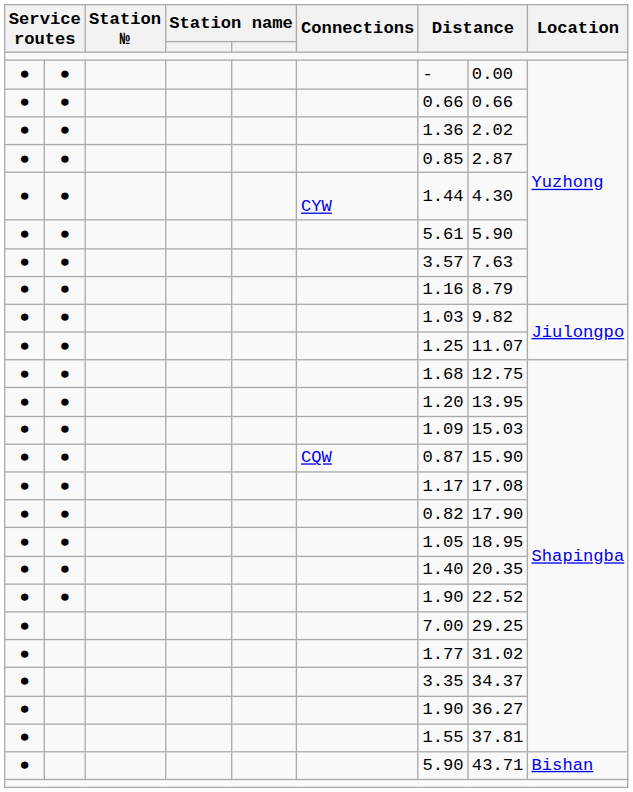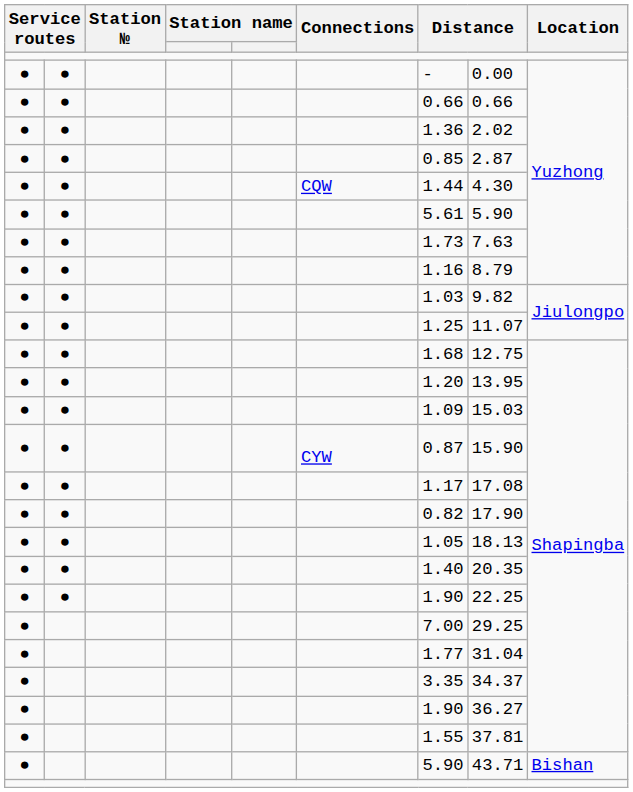 <table class="wikitable">
 <tr>
 <th rowspan="2" colspan="2">Service<br>routes</th>
 <th rowspan="2">Station<br>№</th>
 <th colspan="2">Station name</th>
 <th rowspan="2">Connections</th>
 <th colspan="2" rowspan="2">Distance<br></th>
 <th rowspan="2">Location</th>
 </tr>
 <tr>
 <th></th>
 <th></th>
 </tr>
 <tr style="background:#">
 <td colspan = "9"></td>
 </tr>
 <tr>
 <td align="center">●</td>
 <td align="center">●</td>
 <td></td>
 <td></td>
 <td></td>
 <td></td>
 <td>-</td>
 <td>0.00</td>
 <td rowspan="8"><a href='#'>Yuzhong</a></td>
 </tr>
 <tr>
 <td align="center">●</td>
 <td align="center">●</td>
 <td></td>
 <td></td>
 <td></td>
 <td> </td>
 <td>0.66</td>
 <td>0.66</td>
 </tr>
 <tr>
 <td align="center">●</td>
 <td align="center">●</td>
 <td></td>
 <td></td>
 <td></td>
 <td></td>
 <td>1.36</td>
 <td>2.02</td>
 </tr>
 <tr>
 <td align="center">●</td>
 <td align="center">●</td>
 <td></td>
 <td></td>
 <td></td>
 <td> </td>
 <td>0.85</td>
 <td>2.87</td>
 </tr>
 <tr>
 <td align="center">●</td>
 <td align="center">●</td>
 <td></td>
 <td></td>
 <td></td>
-<td>   <br> <a href='#'>CYW</a></td>
+<td>  <a href='#'>CQW</a></td>
 <td>1.44</td>
 <td>4.30</td>
 </tr>
 <tr>
 <td align="center">●</td>
 <td align="center">●</td>
 <td></td>
 <td></td>
 <td></td>
 <td></td>
 <td>5.61</td>
 <td>5.90</td>
 </tr>
 <tr>
 <td align="center">●</td>
 <td align="center">●</td>
 <td></td>
 <td></td>
 <td></td>
 <td></td>
-<td>3.57</td>
+<td>1.73</td>
 <td>7.63</td>
 </tr>
 <tr>
 <td align="center">●</td>
 <td align="center">●</td>
 <td></td>
 <td></td>
 <td></td>
 <td></td>
 <td>1.16</td>
 <td>8.79</td>
 </tr>
 <tr>
 <td align="center">●</td>
 <td align="center">●</td>
 <td></td>
 <td></td>
 <td></td>
 <td> </td>
 <td>1.03</td>
 <td>9.82</td>
 <td rowspan="2"><a href='#'>Jiulongpo</a></td>
 </tr>
 <tr>
 <td align="center">●</td>
 <td align="center">●</td>
 <td></td>
 <td></td>
 <td></td>
 <td> </td>
 <td>1.25</td>
 <td>11.07</td>
 </tr>
 <tr>
 <td align="center">●</td>
 <td align="center">●</td>
 <td></td>
 <td></td>
 <td></td>
 <td></td>
 <td>1.68</td>
 <td>12.75</td>
 <td rowspan="14"><a href='#'>Shapingba</a></td>
 </tr>
 <tr>
 <td align="center">●</td>
 <td align="center">●</td>
 <td></td>
 <td></td>
 <td></td>
 <td></td>
 <td>1.20</td>
 <td>13.95</td>
 </tr>
 <tr>
 <td align="center">●</td>
 <td align="center">●</td>
 <td></td>
 <td></td>
 <td></td>
 <td></td>
 <td>1.09</td>
 <td>15.03</td>
 </tr>
 <tr>
 <td align="center">●</td>
 <td align="center">●</td>
 <td></td>
 <td></td>
 <td></td>
-<td>  <a href='#'>CQW</a></td>
+<td>   <br> <a href='#'>CYW</a></td>
 <td>0.87</td>
 <td>15.90</td>
 </tr>
 <tr>
 <td align="center">●</td>
 <td align="center">●</td>
 <td></td>
 <td></td>
 <td></td>
 <td></td>
 <td>1.17</td>
 <td>17.08</td>
 </tr>
 <tr>
 <td align="center">●</td>
 <td align="center">●</td>
 <td></td>
 <td></td>
 <td></td>
 <td></td>
 <td>0.82</td>
 <td>17.90</td>
 </tr>
 <tr>
 <td align="center">●</td>
 <td align="center">●</td>
 <td></td>
 <td></td>
 <td></td>
 <td></td>
 <td>1.05</td>
-<td>18.95</td>
+<td>18.13</td>
 </tr>
 <tr>
 <td align="center">●</td>
 <td align="center">●</td>
 <td></td>
 <td></td>
 <td></td>
 <td></td>
 <td>1.40</td>
 <td>20.35</td>
 </tr>
 <tr>
 <td align="center">●</td>
 <td align="center">●</td>
 <td></td>
 <td></td>
 <td></td>
 <td></td>
 <td>1.90</td>
-<td>22.52</td>
+<td>22.25</td>
 </tr>
 <tr>
 <td align="center">●</td>
 <td align="center"></td>
 <td></td>
 <td></td>
 <td></td>
 <td></td>
 <td>7.00</td>
 <td>29.25</td>
 </tr>
 <tr>
 <td align="center">●</td>
 <td align="center"></td>
 <td></td>
 <td></td>
 <td></td>
 <td></td>
 <td>1.77</td>
-<td>31.02</td>
+<td>31.04</td>
 </tr>
 <tr>
 <td align="center">●</td>
 <td align="center"></td>
 <td></td>
 <td></td>
 <td></td>
 <td></td>
 <td>3.35</td>
 <td>34.37</td>
 </tr>
 <tr>
 <td align="center">●</td>
 <td align="center"></td>
 <td></td>
 <td></td>
 <td></td>
 <td></td>
 <td>1.90</td>
 <td>36.27</td>
 </tr>
 <tr>
 <td align="center">●</td>
 <td align="center"></td>
 <td></td>
 <td></td>
 <td></td>
 <td></td>
 <td>1.55</td>
 <td>37.81</td>
 </tr>
 <tr>
 <td align="center">●</td>
 <td align="center"></td>
 <td></td>
 <td></td>
 <td></td>
 <td> <br> </td>
 <td>5.90</td>
 <td>43.71</td>
 <td><a href='#'>Bishan</a></td>
 </tr>
 <tr style="background:#">
 <td colspan = "9"></td>
 </tr>
 </table>
